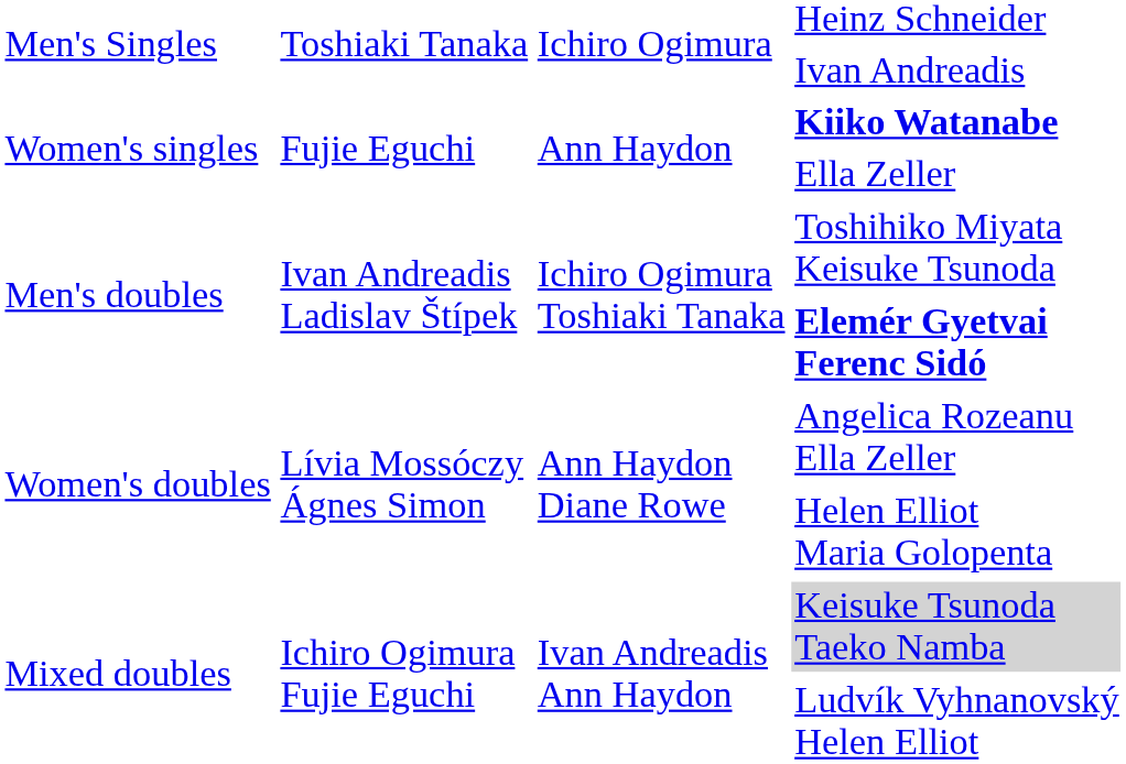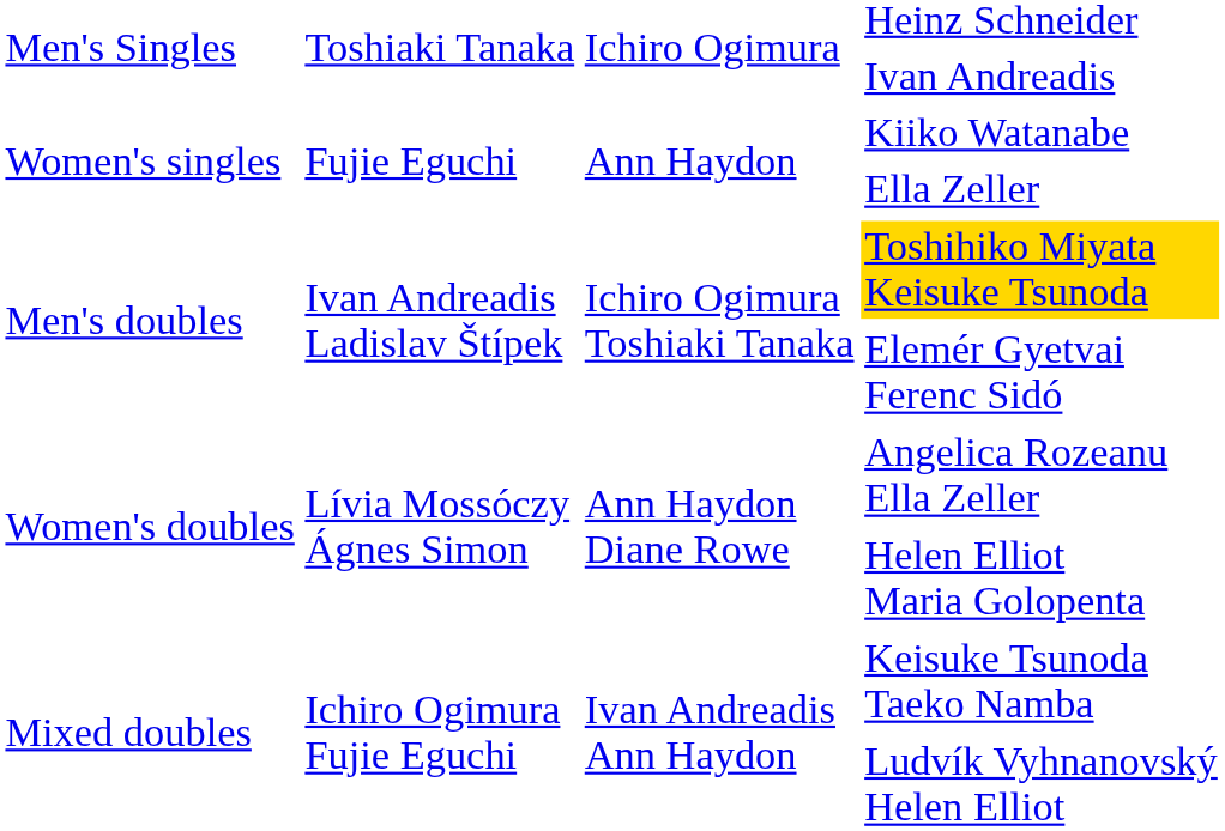 <table>
 <tr>
 <td rowspan=2><a href='#'>Men's Singles</a></td>
 <td rowspan=2> <a href='#'>Toshiaki Tanaka</a></td>
 <td rowspan=2> <a href='#'>Ichiro Ogimura</a></td>
 <td> <a href='#'>Heinz Schneider</a></td>
 </tr>
 <tr>
 <td> <a href='#'>Ivan Andreadis</a></td>
 </tr>
 <tr>
 <td rowspan=2><a href='#'>Women's singles</a></td>
 <td rowspan=2> <a href='#'>Fujie Eguchi</a></td>
 <td rowspan=2> <a href='#'>Ann Haydon</a></td>
-<td><strong> <a href='#'>Kiiko Watanabe</a></strong></td>
+<td> <a href='#'>Kiiko Watanabe</a></td>
 </tr>
 <tr>
 <td> <a href='#'>Ella Zeller</a></td>
 </tr>
 <tr>
 <td rowspan=2><a href='#'>Men's doubles</a></td>
 <td rowspan=2> <a href='#'>Ivan Andreadis</a><br> <a href='#'>Ladislav Štípek</a></td>
 <td rowspan=2> <a href='#'>Ichiro Ogimura</a><br> <a href='#'>Toshiaki Tanaka</a></td>
-<td> <a href='#'>Toshihiko Miyata</a><br> <a href='#'>Keisuke Tsunoda</a></td>
+<td style="background: gold;"> <a href='#'>Toshihiko Miyata</a><br> <a href='#'>Keisuke Tsunoda</a></td>
 </tr>
 <tr>
-<td><strong> <a href='#'>Elemér Gyetvai</a><br> <a href='#'>Ferenc Sidó</a></strong></td>
+<td> <a href='#'>Elemér Gyetvai</a><br> <a href='#'>Ferenc Sidó</a></td>
 </tr>
 <tr>
 <td rowspan=2><a href='#'>Women's doubles</a></td>
 <td rowspan=2> <a href='#'>Lívia Mossóczy</a><br> <a href='#'>Ágnes Simon</a></td>
 <td rowspan=2> <a href='#'>Ann Haydon</a><br> <a href='#'>Diane Rowe</a></td>
 <td> <a href='#'>Angelica Rozeanu</a><br> <a href='#'>Ella Zeller</a></td>
 </tr>
 <tr>
 <td> <a href='#'>Helen Elliot</a><br> <a href='#'>Maria Golopenta</a></td>
 </tr>
 <tr>
 <td rowspan=2><a href='#'>Mixed doubles</a></td>
 <td rowspan=2> <a href='#'>Ichiro Ogimura</a><br> <a href='#'>Fujie Eguchi</a></td>
 <td rowspan=2> <a href='#'>Ivan Andreadis</a><br> <a href='#'>Ann Haydon</a></td>
-<td style="background: lightgrey;"> <a href='#'>Keisuke Tsunoda</a><br> <a href='#'>Taeko Namba</a></td>
+<td> <a href='#'>Keisuke Tsunoda</a><br> <a href='#'>Taeko Namba</a></td>
 </tr>
 <tr>
 <td> <a href='#'>Ludvík Vyhnanovský</a><br> <a href='#'>Helen Elliot</a></td>
 </tr>
 </table>
